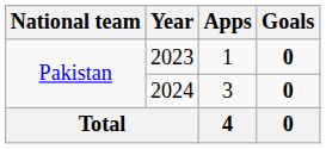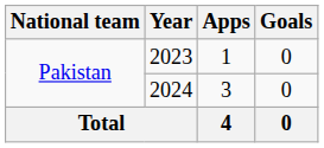 <table class="wikitable" style="text-align:center">
 <tr>
 <th>National team</th>
 <th>Year</th>
 <th>Apps</th>
 <th>Goals</th>
 </tr>
 <tr>
 <td rowspan="2"><a href='#'>Pakistan</a></td>
 <td>2023</td>
 <td>1</td>
-<td><strong>0</strong></td>
+<td>0</td>
 </tr>
 <tr>
 <td>2024</td>
 <td>3</td>
-<td><strong>0</strong></td>
+<td>0</td>
 </tr>
 <tr>
 <th colspan="2">Total</th>
 <th>4</th>
 <th>0</th>
 </tr>
 </table>
